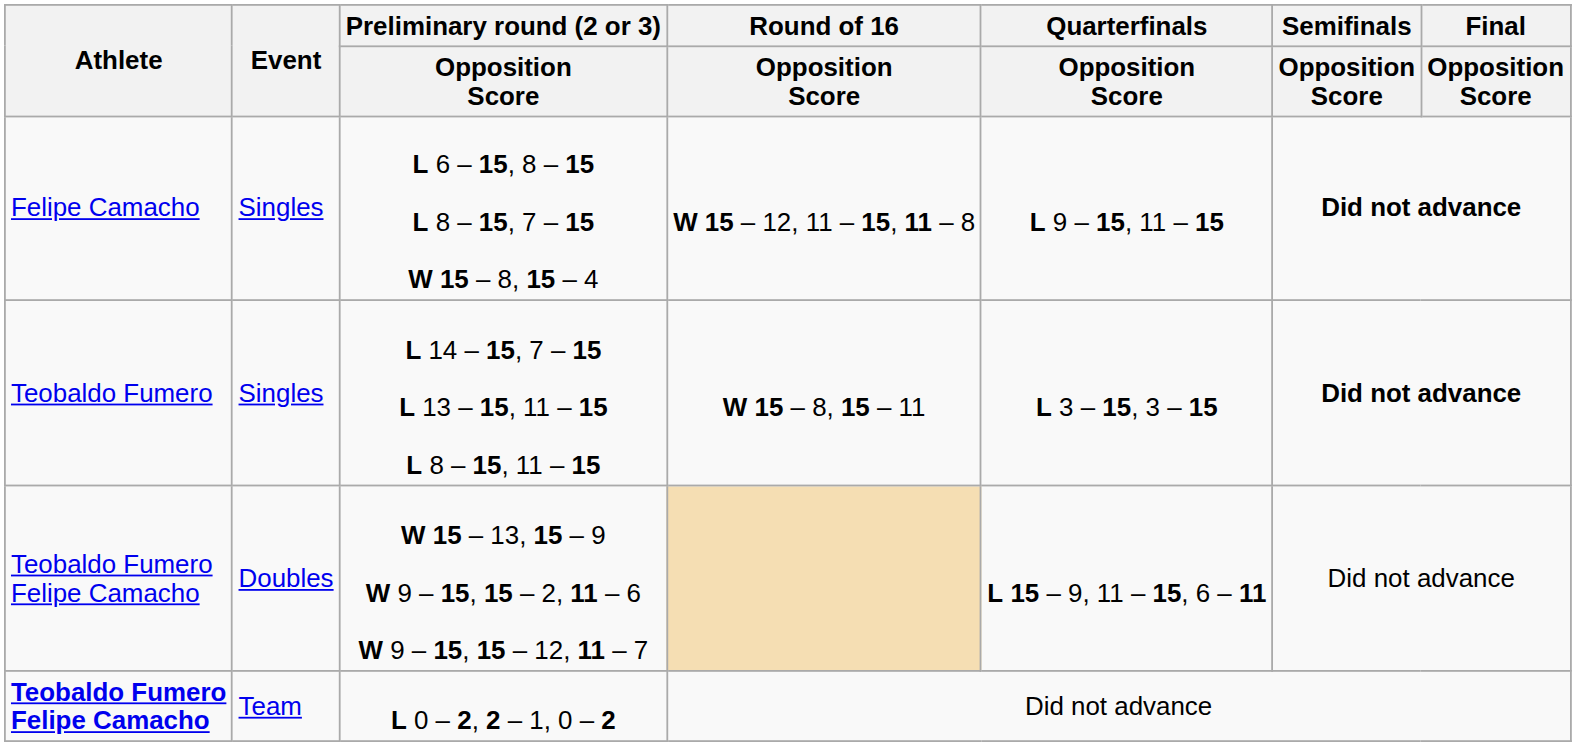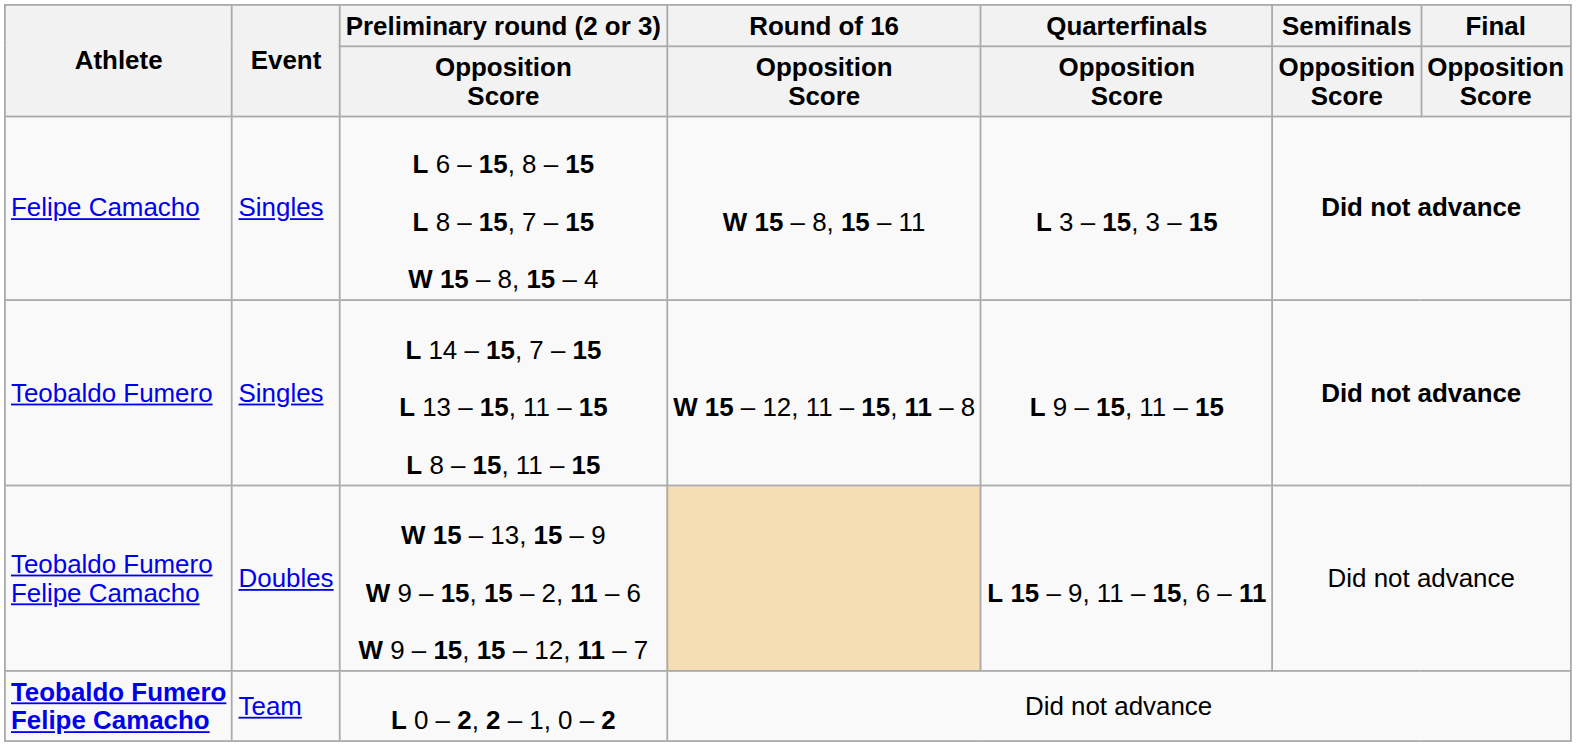 <table class="wikitable" border="1" style="font-size:90%">
 <tr>
 <th rowspan=2>Athlete</th>
 <th rowspan=2>Event</th>
 <th>Preliminary round (2 or 3)</th>
 <th>Round of 16</th>
 <th>Quarterfinals</th>
 <th>Semifinals</th>
 <th>Final</th>
 </tr>
 <tr>
 <th>Opposition<br>Score</th>
 <th>Opposition<br>Score</th>
 <th>Opposition<br>Score</th>
 <th>Opposition<br>Score</th>
 <th>Opposition<br>Score</th>
 </tr>
 <tr>
 <td><a href='#'>Felipe Camacho</a></td>
 <td><a href='#'>Singles</a></td>
 <td align=center><br><strong>L</strong> 6 – <strong>15</strong>, 8 – <strong>15</strong><br><br><strong>L</strong> 8 – <strong>15</strong>, 7 – <strong>15</strong><br><br><strong>W</strong> <strong>15</strong> – 8, <strong>15</strong> – 4</td>
-<td align=center><br><strong>W</strong> <strong>15</strong> – 12, 11 – <strong>15</strong>, <strong>11</strong> – 8</td>
-<td align=center><br><strong>L</strong> 9 – <strong>15</strong>, 11 – <strong>15</strong></td>
+<td align=center><br><strong>W</strong> <strong>15</strong> – 8, <strong>15</strong> – 11</td>
+<td align=center><br><strong>L</strong> 3 – <strong>15</strong>, 3 – <strong>15</strong></td>
 <td align="center" colspan="7"><strong>Did not advance</strong></td>
 </tr>
 <tr>
 <td><a href='#'>Teobaldo Fumero</a></td>
 <td><a href='#'>Singles</a></td>
 <td align=center><br><strong>L</strong> 14 – <strong>15</strong>, 7 – <strong>15</strong><br><br><strong>L</strong> 13 – <strong>15</strong>, 11 – <strong>15</strong><br><br><strong>L</strong> 8 – <strong>15</strong>, 11 – <strong>15</strong></td>
-<td align=center><br><strong>W</strong> <strong>15</strong> – 8, <strong>15</strong> – 11</td>
-<td align=center><br><strong>L</strong> 3 – <strong>15</strong>, 3 – <strong>15</strong></td>
+<td align=center><br><strong>W</strong> <strong>15</strong> – 12, 11 – <strong>15</strong>, <strong>11</strong> – 8</td>
+<td align=center><br><strong>L</strong> 9 – <strong>15</strong>, 11 – <strong>15</strong></td>
 <td align="center" colspan="7"><strong>Did not advance</strong></td>
 </tr>
 <tr>
 <td><a href='#'>Teobaldo Fumero</a><br><a href='#'>Felipe Camacho</a></td>
 <td><a href='#'>Doubles</a></td>
 <td align=center><br><strong>W</strong> <strong>15</strong> – 13, <strong>15</strong> – 9<br><br><strong>W</strong> 9 – <strong>15</strong>, <strong>15</strong> – 2, <strong>11</strong> – 6<br><br><strong>W</strong> 9 – <strong>15</strong>, <strong>15</strong> – 12, <strong>11</strong> – 7</td>
 <td align=center bgcolor=wheat></td>
 <td align=center><br><strong>L</strong> <strong>15</strong> – 9, 11 – <strong>15</strong>, 6 – <strong>11</strong></td>
 <td align="center" colspan="7">Did not advance</td>
 </tr>
 <tr>
 <td><strong><a href='#'>Teobaldo Fumero</a><br><a href='#'>Felipe Camacho</a></strong></td>
 <td><a href='#'>Team</a></td>
 <td align=center><br><strong>L</strong> 0 – <strong>2</strong>, <strong>2</strong> – 1, 0 – <strong>2</strong></td>
 <td align="center" colspan="7">Did not advance</td>
 </tr>
 </table>
